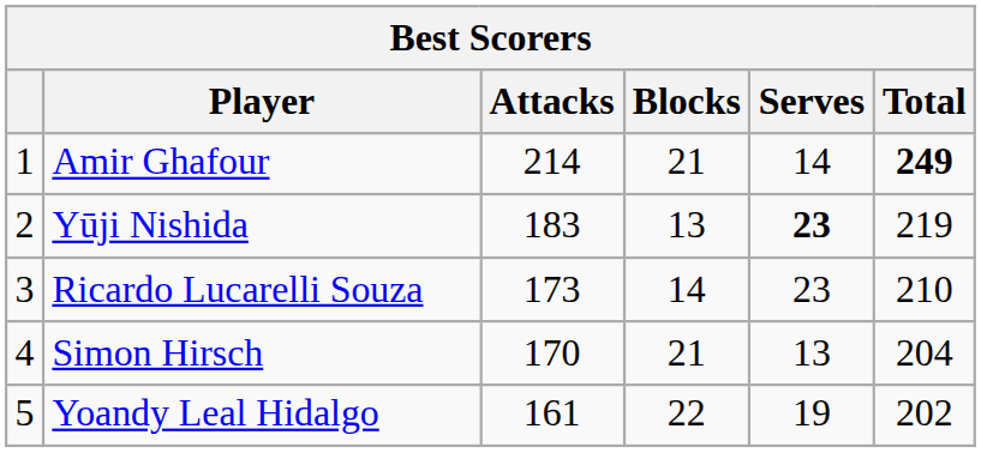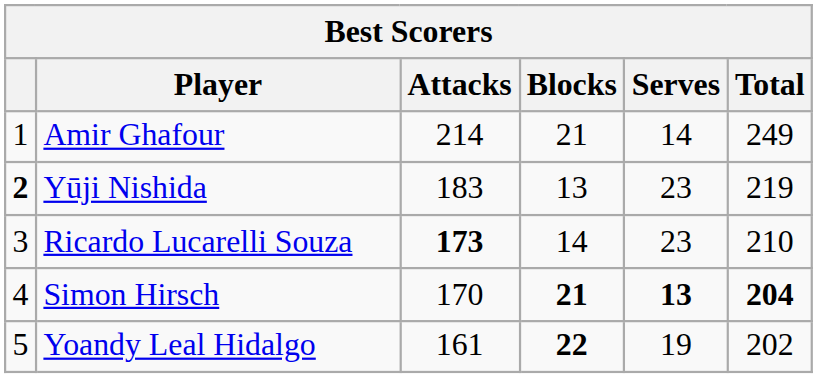 <table class="wikitable sortable" style=font-size:90%>
 <tr>
 <th colspan=6>Best Scorers</th>
 </tr>
 <tr>
 <th></th>
 <th width=158>Player</th>
 <th width=20>Attacks</th>
 <th width=20>Blocks</th>
 <th width=20>Serves</th>
 <th width=20>Total</th>
 </tr>
 <tr>
 <td>1</td>
 <td> <a href='#'>Amir Ghafour</a></td>
 <td align=center>214</td>
 <td align=center>21</td>
 <td align=center>14</td>
-<td align=center><strong>249</strong></td>
+<td align=center>249</td>
 </tr>
 <tr>
-<td>2</td>
+<td><strong>2</strong></td>
 <td> <a href='#'>Yūji Nishida</a></td>
 <td align=center>183</td>
 <td align=center>13</td>
-<td align=center><strong>23</strong></td>
+<td align=center>23</td>
 <td align=center>219</td>
 </tr>
 <tr>
 <td>3</td>
 <td> <a href='#'>Ricardo Lucarelli Souza</a></td>
-<td align=center>173</td>
+<td align=center><strong>173</strong></td>
 <td align=center>14</td>
 <td align=center>23</td>
 <td align=center>210</td>
 </tr>
 <tr>
 <td>4</td>
 <td> <a href='#'>Simon Hirsch</a></td>
 <td align=center>170</td>
-<td align=center>21</td>
-<td align=center>13</td>
-<td align=center>204</td>
+<td align=center><strong>21</strong></td>
+<td align=center><strong>13</strong></td>
+<td align=center><strong>204</strong></td>
 </tr>
 <tr>
 <td>5</td>
 <td> <a href='#'>Yoandy Leal Hidalgo</a></td>
 <td align=center>161</td>
-<td align=center>22</td>
+<td align=center><strong>22</strong></td>
 <td align=center>19</td>
 <td align=center>202</td>
 </tr>
 </table>
